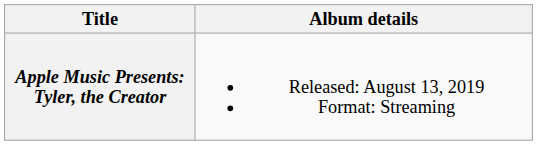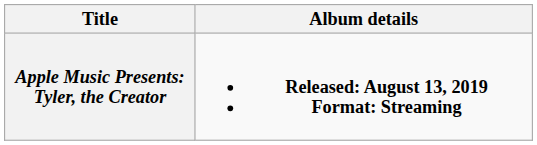 <table class="wikitable plainrowheaders" style="text-align:center;">
 <tr>
 <th style="width:10em;">Title</th>
 <th style="width:18em;">Album details</th>
 </tr>
 <tr>
 <th scope="row"><em>Apple Music Presents: Tyler, the Creator</em></th>
-<td><br><ul><li>Released: August 13, 2019</li><li>Format: Streaming</li></ul></td>
+<td><strong><br><ul><li>Released: August 13, 2019</li><li>Format: Streaming</li></ul></strong></td>
 </tr>
 </table>
